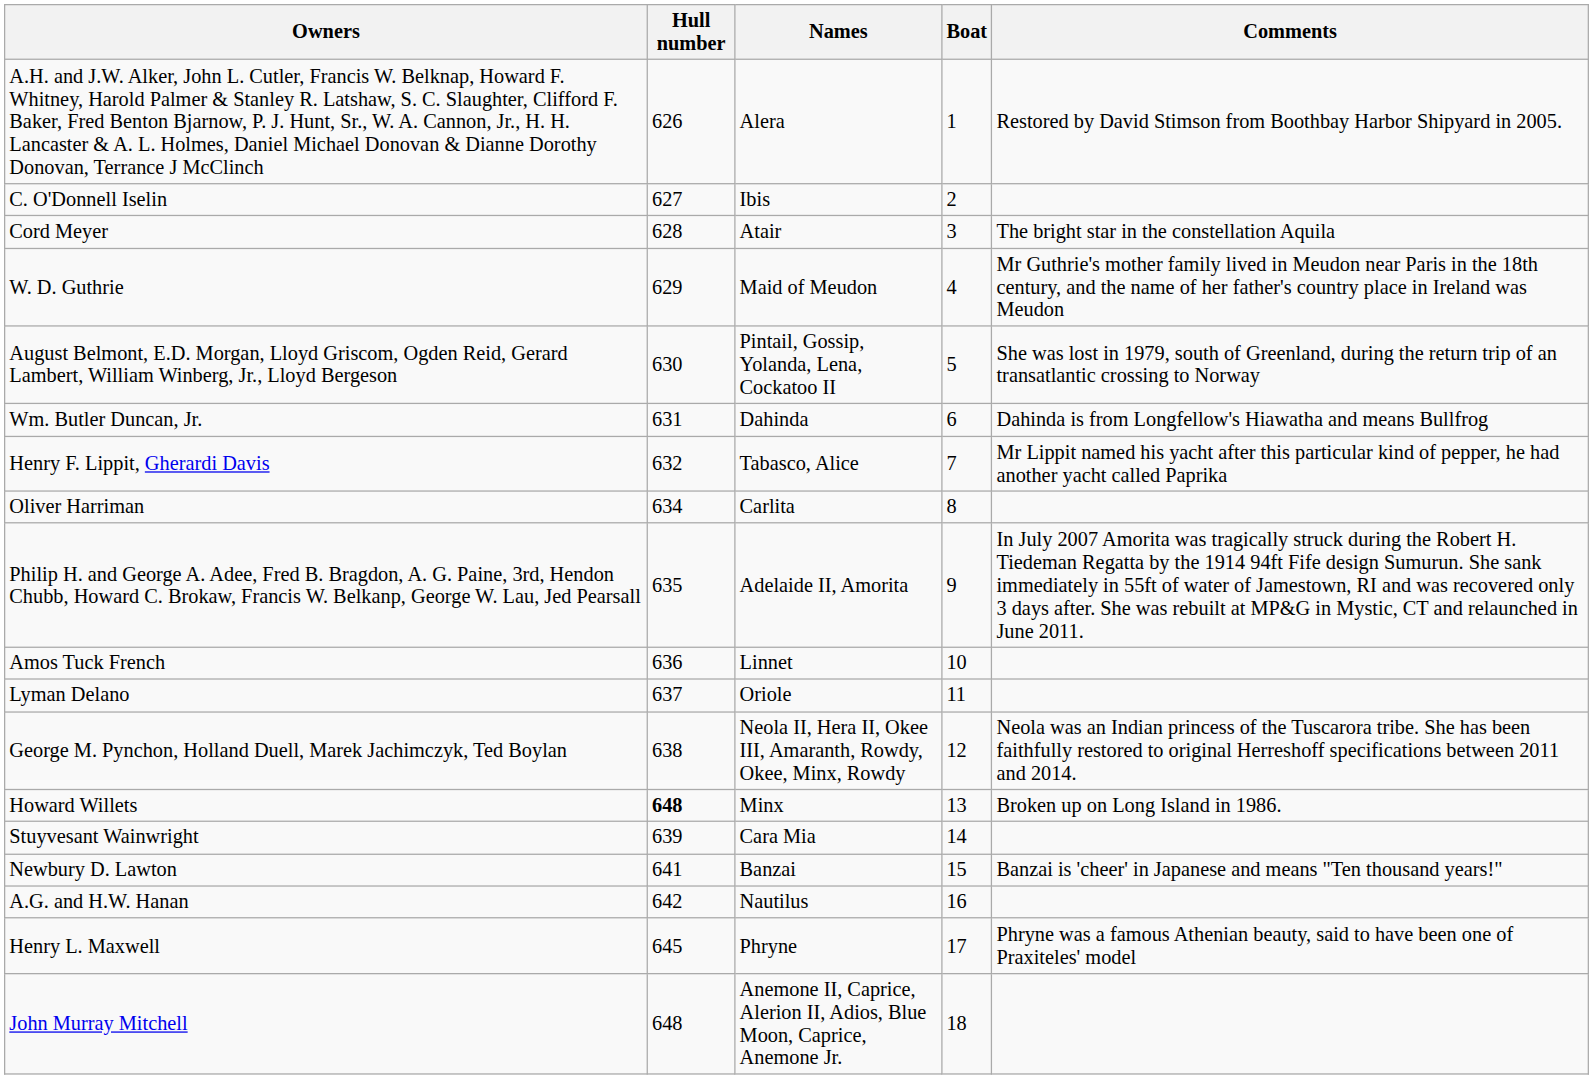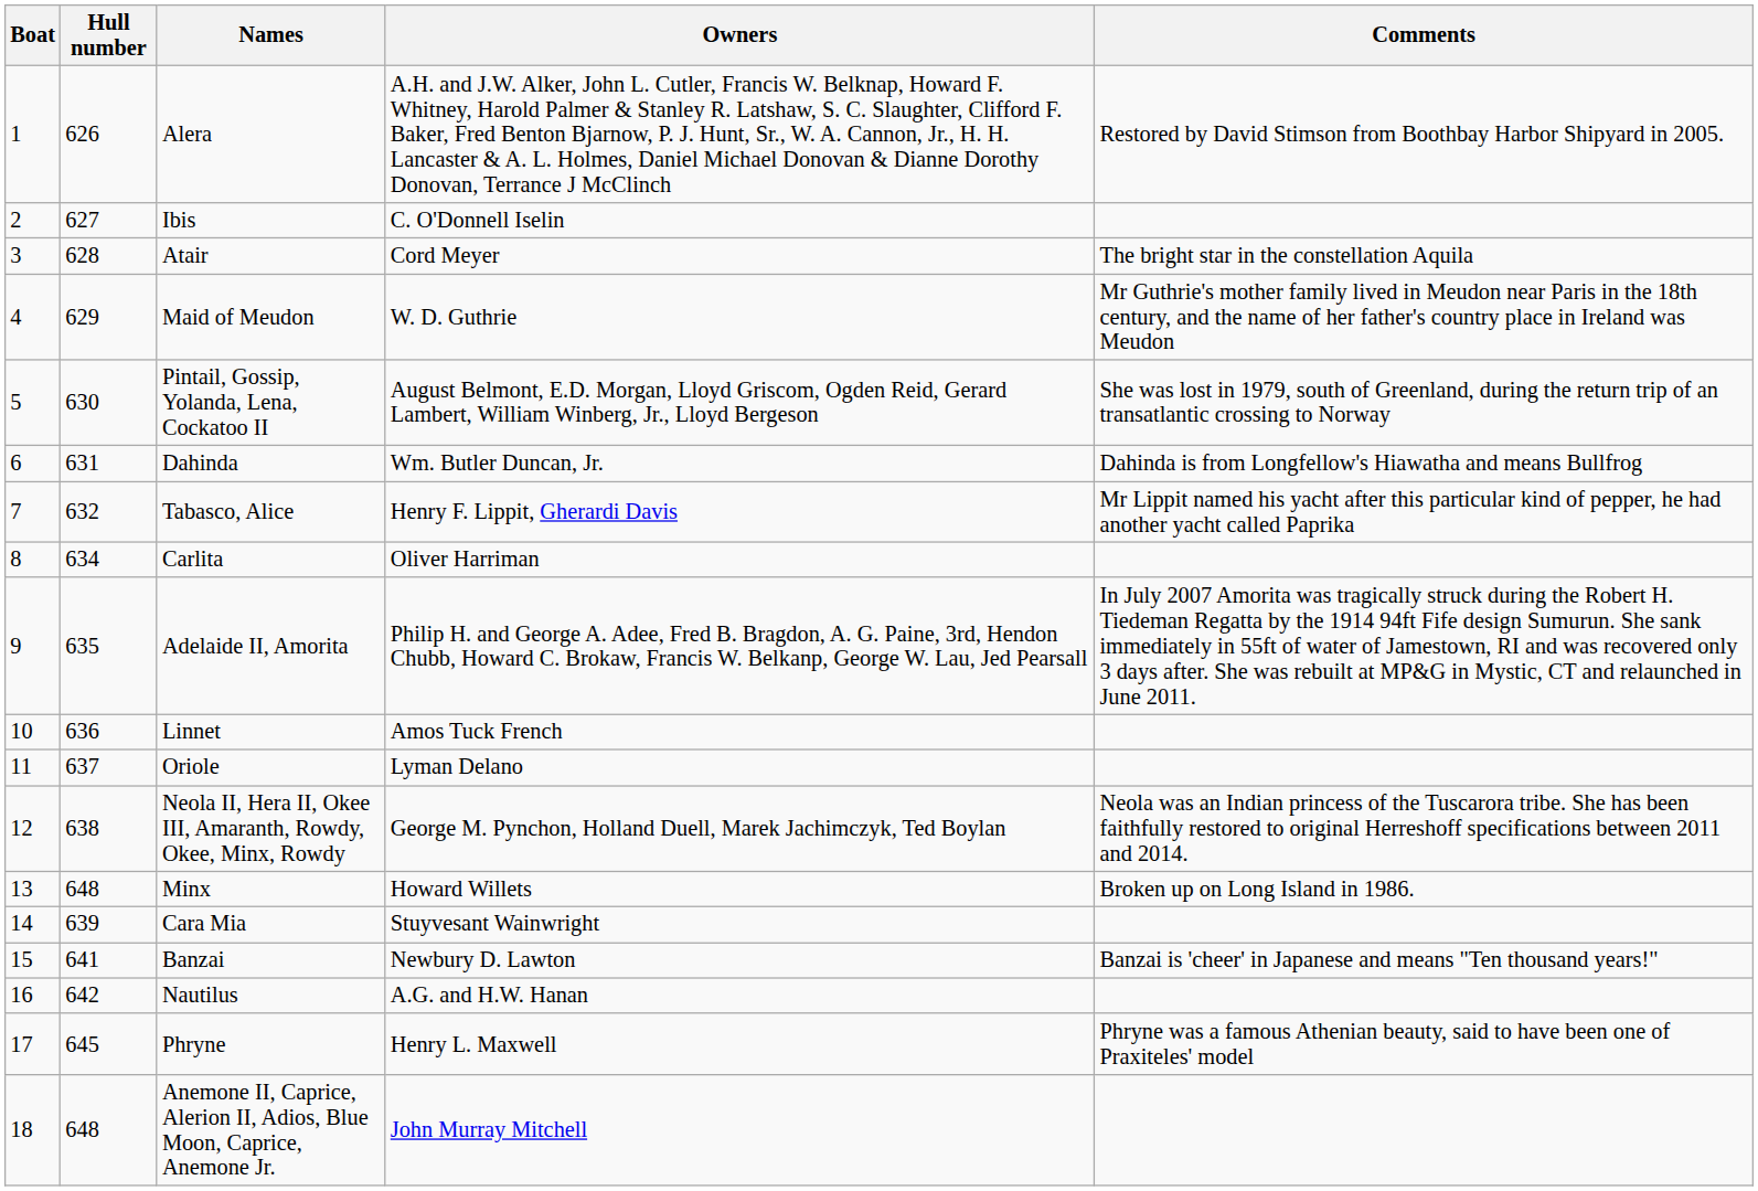 <table class="wikitable">
 <tr>
-<th>Owners</th>
+<th>Boat</th>
 <th>Hull number</th>
 <th>Names</th>
-<th>Boat</th>
+<th>Owners</th>
 <th>Comments</th>
 </tr>
 <tr>
-<td>A.H. and J.W. Alker, John L. Cutler, Francis W. Belknap, Howard F. Whitney, Harold Palmer & Stanley R. Latshaw, S. C. Slaughter, Clifford F. Baker, Fred Benton Bjarnow, P. J. Hunt, Sr., W. A. Cannon, Jr., H. H. Lancaster & A. L. Holmes, Daniel Michael Donovan & Dianne Dorothy Donovan, Terrance J McClinch</td>
+<td>1</td>
 <td>626</td>
 <td>Alera</td>
-<td>1</td>
+<td>A.H. and J.W. Alker, John L. Cutler, Francis W. Belknap, Howard F. Whitney, Harold Palmer & Stanley R. Latshaw, S. C. Slaughter, Clifford F. Baker, Fred Benton Bjarnow, P. J. Hunt, Sr., W. A. Cannon, Jr., H. H. Lancaster & A. L. Holmes, Daniel Michael Donovan & Dianne Dorothy Donovan, Terrance J McClinch</td>
 <td>Restored by David Stimson from Boothbay Harbor Shipyard in 2005.<br>   </td>
 </tr>
 <tr>
-<td>C. O'Donnell Iselin</td>
+<td>2</td>
 <td>627</td>
 <td>Ibis</td>
-<td>2</td>
+<td>C. O'Donnell Iselin</td>
 <td></td>
 </tr>
 <tr>
-<td>Cord Meyer</td>
+<td>3</td>
 <td>628</td>
 <td>Atair</td>
-<td>3</td>
+<td>Cord Meyer</td>
 <td>The bright star in the constellation Aquila</td>
 </tr>
 <tr>
-<td>W. D. Guthrie</td>
+<td>4</td>
 <td>629</td>
 <td>Maid of Meudon</td>
-<td>4</td>
+<td>W. D. Guthrie</td>
 <td>Mr Guthrie's mother family lived in Meudon near Paris in the 18th century, and the name of her father's country place in Ireland was Meudon</td>
 </tr>
 <tr>
-<td>August Belmont, E.D. Morgan, Lloyd Griscom, Ogden Reid, Gerard Lambert, William Winberg, Jr., Lloyd Bergeson</td>
+<td>5</td>
 <td>630</td>
 <td>Pintail, Gossip, Yolanda, Lena, Cockatoo II</td>
-<td>5</td>
+<td>August Belmont, E.D. Morgan, Lloyd Griscom, Ogden Reid, Gerard Lambert, William Winberg, Jr., Lloyd Bergeson</td>
 <td>She was lost in 1979, south of Greenland, during the return trip of an transatlantic crossing to Norway</td>
 </tr>
 <tr>
-<td>Wm. Butler Duncan, Jr.</td>
+<td>6</td>
 <td>631</td>
 <td>Dahinda</td>
-<td>6</td>
+<td>Wm. Butler Duncan, Jr.</td>
 <td>Dahinda is from Longfellow's Hiawatha and means Bullfrog</td>
 </tr>
 <tr>
-<td>Henry F. Lippit, <a href='#'>Gherardi Davis</a></td>
+<td>7</td>
 <td>632</td>
 <td>Tabasco, Alice</td>
-<td>7</td>
+<td>Henry F. Lippit, <a href='#'>Gherardi Davis</a></td>
 <td>Mr Lippit named his yacht after this particular kind of pepper, he had another yacht called Paprika</td>
 </tr>
 <tr>
-<td>Oliver Harriman</td>
+<td>8</td>
 <td>634</td>
 <td>Carlita</td>
-<td>8</td>
+<td>Oliver Harriman</td>
 <td></td>
 </tr>
 <tr>
-<td>Philip H. and George A. Adee, Fred B. Bragdon, A. G. Paine, 3rd, Hendon Chubb, Howard C. Brokaw, Francis W. Belkanp, George W. Lau, Jed Pearsall</td>
+<td>9</td>
 <td>635</td>
 <td>Adelaide II, Amorita</td>
-<td>9</td>
+<td>Philip H. and George A. Adee, Fred B. Bragdon, A. G. Paine, 3rd, Hendon Chubb, Howard C. Brokaw, Francis W. Belkanp, George W. Lau, Jed Pearsall</td>
 <td>In July 2007 Amorita was tragically struck during the Robert H. Tiedeman Regatta by the 1914 94ft Fife design Sumurun. She sank immediately in 55ft of water of Jamestown, RI and was recovered only 3 days after. She was rebuilt at MP&G in Mystic, CT and relaunched in June 2011.</td>
 </tr>
 <tr>
-<td>Amos Tuck French</td>
+<td>10</td>
 <td>636</td>
 <td>Linnet</td>
-<td>10</td>
+<td>Amos Tuck French</td>
 <td></td>
 </tr>
 <tr>
-<td>Lyman Delano</td>
+<td>11</td>
 <td>637</td>
 <td>Oriole</td>
-<td>11</td>
+<td>Lyman Delano</td>
 <td></td>
 </tr>
 <tr>
-<td>George M. Pynchon, Holland Duell, Marek Jachimczyk, Ted Boylan</td>
+<td>12</td>
 <td>638</td>
 <td>Neola II, Hera II, Okee III, Amaranth, Rowdy, Okee, Minx, Rowdy</td>
-<td>12</td>
+<td>George M. Pynchon, Holland Duell, Marek Jachimczyk, Ted Boylan</td>
 <td>Neola was an Indian princess of the Tuscarora tribe. She has been faithfully restored to original Herreshoff specifications between 2011 and 2014.</td>
 </tr>
 <tr>
+<td>13</td>
+<td>648</td>
+<td>Minx</td>
 <td>Howard Willets</td>
-<td><strong>648</strong></td>
-<td>Minx</td>
-<td>13</td>
 <td>Broken up on Long Island in 1986.</td>
 </tr>
 <tr>
-<td>Stuyvesant Wainwright</td>
+<td>14</td>
 <td>639</td>
 <td>Cara Mia</td>
-<td>14</td>
+<td>Stuyvesant Wainwright</td>
 <td></td>
 </tr>
 <tr>
-<td>Newbury D. Lawton</td>
+<td>15</td>
 <td>641</td>
 <td>Banzai</td>
-<td>15</td>
+<td>Newbury D. Lawton</td>
 <td>Banzai is 'cheer' in Japanese and means "Ten thousand years!"</td>
 </tr>
 <tr>
-<td>A.G. and H.W. Hanan</td>
+<td>16</td>
 <td>642</td>
 <td>Nautilus</td>
-<td>16</td>
+<td>A.G. and H.W. Hanan</td>
 <td></td>
 </tr>
 <tr>
-<td>Henry L. Maxwell</td>
+<td>17</td>
 <td>645</td>
 <td>Phryne</td>
-<td>17</td>
+<td>Henry L. Maxwell</td>
 <td>Phryne was a famous Athenian beauty, said to have been one of Praxiteles' model</td>
 </tr>
 <tr>
-<td><a href='#'>John Murray Mitchell</a></td>
+<td>18</td>
 <td>648</td>
 <td>Anemone II, Caprice, Alerion II, Adios, Blue Moon, Caprice, Anemone Jr.</td>
-<td>18</td>
+<td><a href='#'>John Murray Mitchell</a></td>
 <td></td>
 </tr>
 </table>
